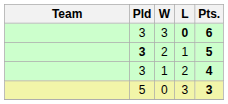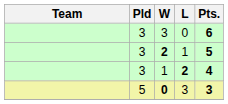 <table class=wikitable style="text-align:center">
 <tr>
 <th width=160>Team</th>
 <th width=20>Pld</th>
 <th width=20>W</th>
 <th width=20>L</th>
 <th width=30>Pts.</th>
 </tr>
 <tr bgcolor=ccffcc>
 <td align=left></td>
 <td>3</td>
 <td>3</td>
-<td><strong>0</strong></td>
+<td>0</td>
 <td><strong>6</strong></td>
 </tr>
 <tr bgcolor=ccffcc>
 <td align=left></td>
-<td><strong>3</strong></td>
-<td>2</td>
+<td>3</td>
+<td><strong>2</strong></td>
 <td>1</td>
 <td><strong>5</strong></td>
 </tr>
 <tr bgcolor=ccffcc>
 <td align=left></td>
 <td>3</td>
 <td>1</td>
-<td>2</td>
+<td><strong>2</strong></td>
 <td><strong>4</strong></td>
 </tr>
 <tr bgcolor=f2f5a9>
 <td align=left></td>
 <td>5</td>
-<td>0</td>
+<td><strong>0</strong></td>
 <td>3</td>
 <td><strong>3</strong></td>
 </tr>
 <tr bgcolor=>
 </tr>
 </table>
